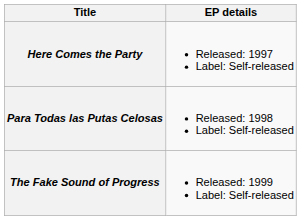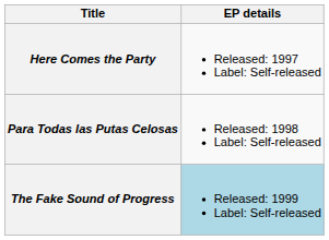 <table class="wikitable plainrowheaders">
 <tr>
 <th>Title</th>
 <th>EP details</th>
 </tr>
 <tr>
 <th scope="row"><em>Here Comes the Party</em></th>
 <td><br><ul><li>Released: 1997</li><li>Label: Self-released</li></ul></td>
 </tr>
 <tr>
 <th scope="row"><em>Para Todas las Putas Celosas</em></th>
 <td><br><ul><li>Released: 1998</li><li>Label: Self-released</li></ul></td>
 </tr>
 <tr>
 <th scope="row"><em>The Fake Sound of Progress</em></th>
-<td><br><ul><li>Released: 1999</li><li>Label: Self-released</li></ul></td>
+<td style="background: lightblue;"><br><ul><li>Released: 1999</li><li>Label: Self-released</li></ul></td>
 </tr>
 </table>
